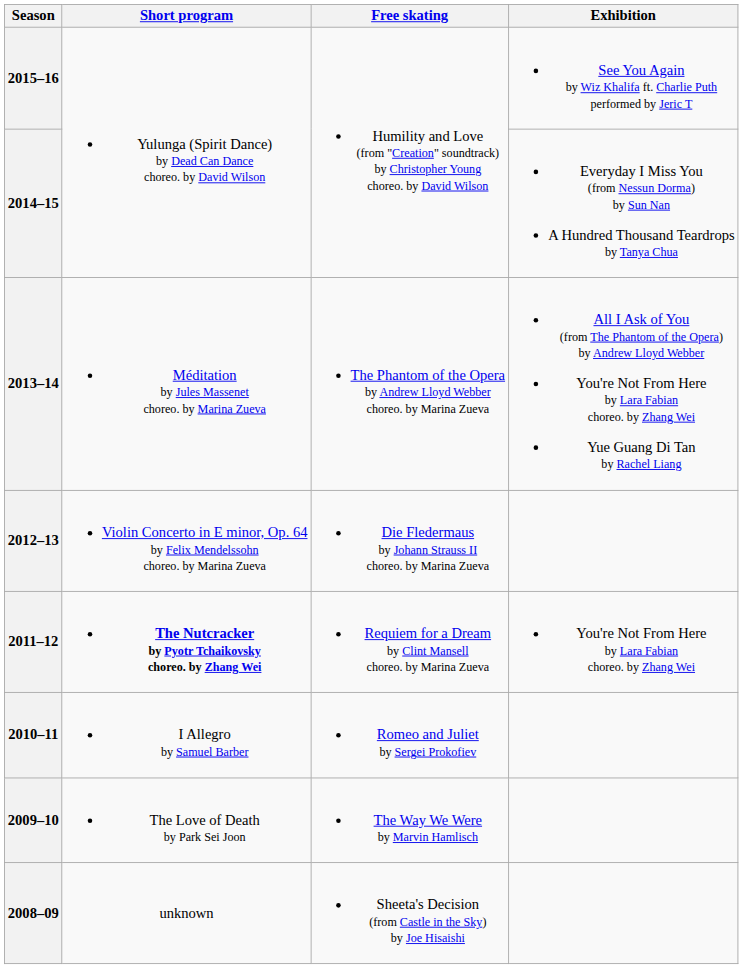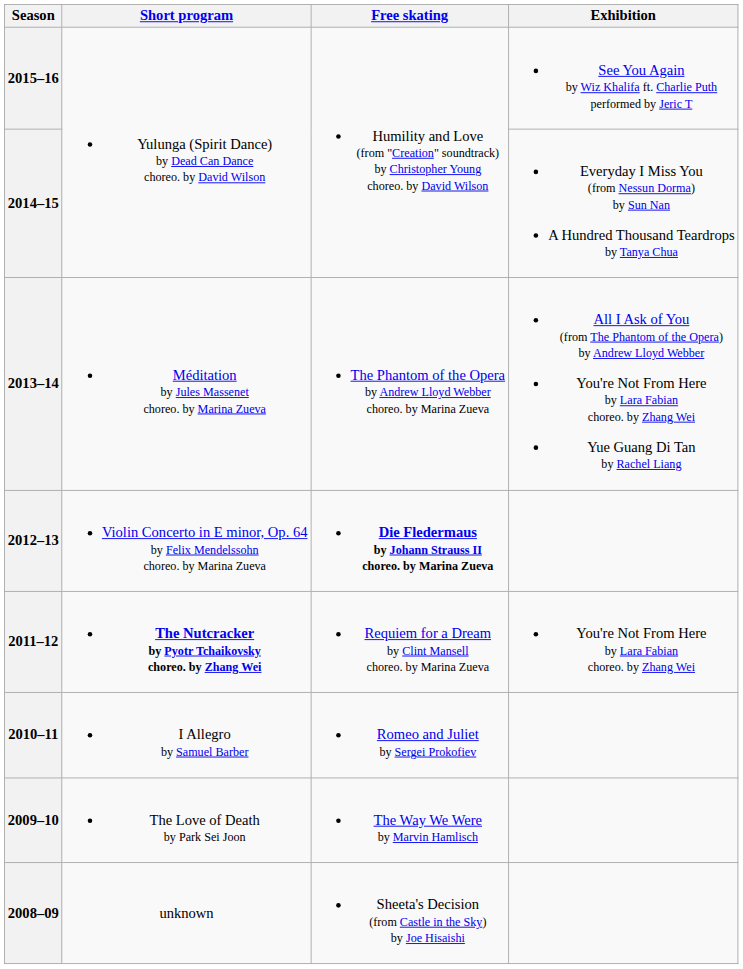 <table class="wikitable" style="text-align:center">
 <tr>
 <th>Season</th>
 <th><a href='#'>Short program</a></th>
 <th><a href='#'>Free skating</a></th>
 <th>Exhibition</th>
 </tr>
 <tr>
 <th>2015–16 <br> </th>
 <td rowspan=2><br><ul><li>Yulunga (Spirit Dance) <br><small> by <a href='#'>Dead Can Dance</a> <br> choreo. by <a href='#'>David Wilson</a> </small></li></ul></td>
 <td rowspan=2><br><ul><li>Humility and Love <br><small> (from "<a href='#'>Creation</a>" soundtrack) <br> by <a href='#'>Christopher Young</a> <br> choreo. by <a href='#'>David Wilson</a> </small></li></ul></td>
 <td><br><ul><li><a href='#'>See You Again</a> <br><small> by <a href='#'>Wiz Khalifa</a> ft. <a href='#'>Charlie Puth</a> <br> performed by <a href='#'>Jeric T</a> </small></li></ul></td>
 </tr>
 <tr>
 <th>2014–15 <br> </th>
 <td><br><ul><li>Everyday I Miss You <br><small> (from <a href='#'>Nessun Dorma</a>) <br> by <a href='#'>Sun Nan</a></small></li></ul><ul><li>A Hundred Thousand Teardrops <br><small> by <a href='#'>Tanya Chua</a> </small></li></ul></td>
 </tr>
 <tr>
 <th>2013–14 <br> </th>
 <td><br><ul><li><a href='#'>Méditation</a> <br><small> by <a href='#'>Jules Massenet</a> <br> choreo. by <a href='#'>Marina Zueva</a> </small></li></ul></td>
 <td><br><ul><li><a href='#'>The Phantom of the Opera</a> <br><small>  by <a href='#'>Andrew Lloyd Webber</a> <br> choreo. by Marina Zueva </small></li></ul></td>
 <td><br><ul><li><a href='#'>All I Ask of You</a> <br><small> (from <a href='#'>The Phantom of the Opera</a>) <br> by <a href='#'>Andrew Lloyd Webber</a> </small></li></ul><ul><li>You're Not From Here <br><small> by <a href='#'>Lara Fabian</a> <br> choreo. by <a href='#'>Zhang Wei</a> </small></li></ul><ul><li>Yue Guang Di Tan <br><small> by <a href='#'>Rachel Liang</a> </small></li></ul></td>
 </tr>
 <tr>
 <th>2012–13 <br> </th>
 <td><br><ul><li><a href='#'>Violin Concerto in E minor, Op. 64</a> <br><small> by <a href='#'>Felix Mendelssohn</a> <br> choreo. by Marina Zueva </small></li></ul></td>
-<td><br><ul><li><a href='#'>Die Fledermaus</a> <br><small> by <a href='#'>Johann Strauss II</a> <br> choreo. by Marina Zueva </small></li></ul></td>
+<td><strong><br><ul><li><a href='#'>Die Fledermaus</a> <br><small> by <a href='#'>Johann Strauss II</a> <br> choreo. by Marina Zueva </small></li></ul></strong></td>
 <td></td>
 </tr>
 <tr>
 <th>2011–12 <br> </th>
 <td><strong><br><ul><li><a href='#'>The Nutcracker</a> <br><small> by <a href='#'>Pyotr Tchaikovsky</a> <br> choreo. by <a href='#'>Zhang Wei</a> </small></li></ul></strong></td>
 <td><br><ul><li><a href='#'>Requiem for a Dream</a> <br><small> by <a href='#'>Clint Mansell</a> <br> choreo. by Marina Zueva </small></li></ul></td>
 <td><br><ul><li>You're Not From Here <br><small> by <a href='#'>Lara Fabian</a> <br> choreo. by <a href='#'>Zhang Wei</a> </small></li></ul></td>
 </tr>
 <tr>
 <th>2010–11 <br> </th>
 <td><br><ul><li>I Allegro <br><small> by <a href='#'>Samuel Barber</a> </small></li></ul></td>
 <td><br><ul><li><a href='#'>Romeo and Juliet</a> <br><small> by <a href='#'>Sergei Prokofiev</a> </small></li></ul></td>
 <td></td>
 </tr>
 <tr>
 <th>2009–10 <br> </th>
 <td><br><ul><li>The Love of Death <br><small> by Park Sei Joon </small></li></ul></td>
 <td><br><ul><li><a href='#'>The Way We Were</a> <br><small> by <a href='#'>Marvin Hamlisch</a> </small></li></ul></td>
 <td></td>
 </tr>
 <tr>
 <th>2008–09</th>
 <td align="center">unknown</td>
 <td><br><ul><li>Sheeta's Decision <br><small> (from <a href='#'>Castle in the Sky</a>) <br> by <a href='#'>Joe Hisaishi</a> </small></li></ul></td>
 <td></td>
 </tr>
 </table>
